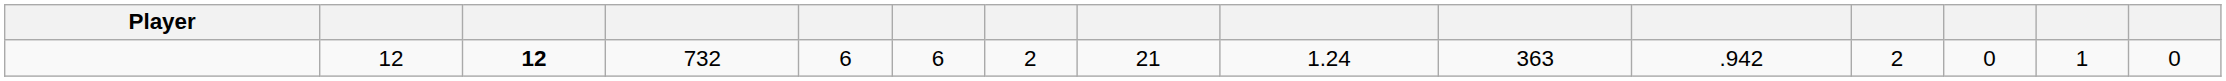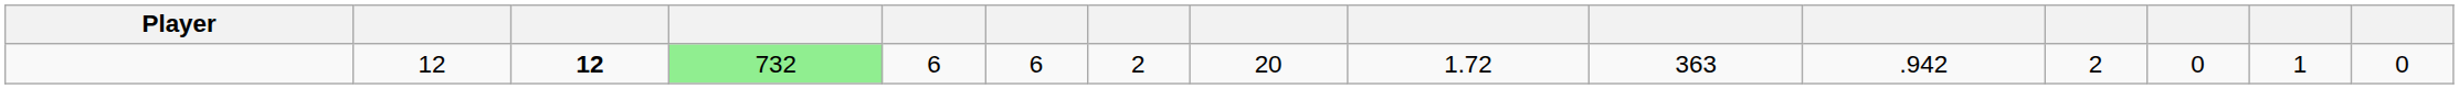 <table class="wikitable sortable" style="width:100%; text-align:center;">
 <tr>
 <th>Player</th>
 <th></th>
 <th></th>
 <th></th>
 <th></th>
 <th></th>
 <th></th>
 <th></th>
 <th></th>
 <th></th>
 <th></th>
 <th></th>
 <th></th>
 <th></th>
 <th></th>
 </tr>
 <tr>
 <td style=white-space:nowrap></td>
 <td>12</td>
 <td><strong>12</strong></td>
-<td>732</td>
+<td style="background: lightgreen;">732</td>
 <td>6</td>
 <td>6</td>
 <td>2</td>
-<td>21</td>
-<td>1.24</td>
+<td>20</td>
+<td>1.72</td>
 <td>363</td>
 <td>.942</td>
 <td>2</td>
 <td>0</td>
 <td>1</td>
 <td>0</td>
 </tr>
 </table>
